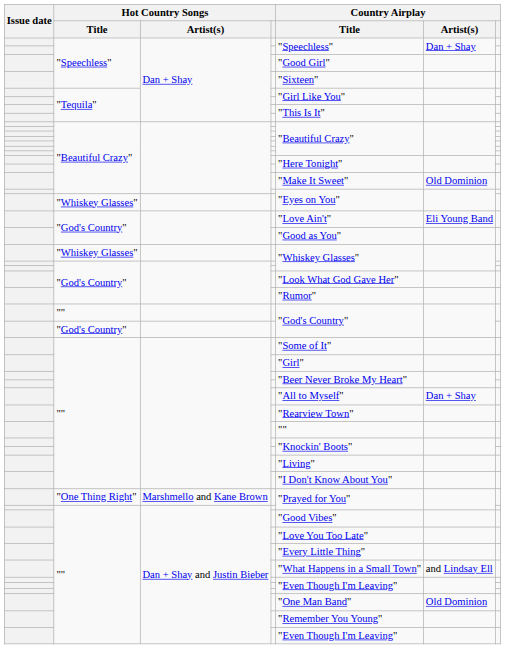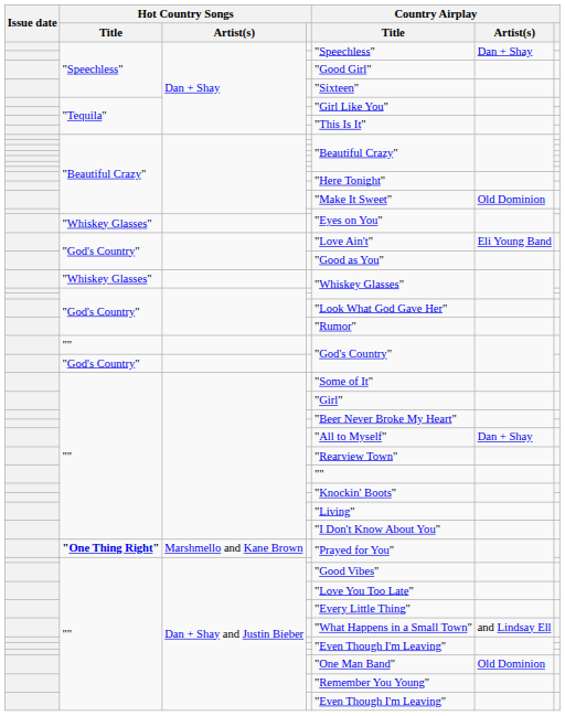 <table class="wikitable sortable plainrowheaders">
 <tr>
 <th scope=col rowspan=2>Issue date</th>
 <th scope=col colspan=3>Hot Country Songs</th>
 <th scope=col colspan=3>Country Airplay</th>
 </tr>
 <tr>
 <th scope=col>Title</th>
 <th scope=col>Artist(s)</th>
 <th scope=col class=unsortable></th>
 <th scope=col>Title</th>
 <th scope=col>Artist(s)</th>
 <th scope=col class=unsortable></th>
 </tr>
 <tr>
 <th scope=row></th>
 <td rowspan="4">"<a href='#'>Speechless</a>"</td>
 <td rowspan="8"><a href='#'>Dan + Shay</a></td>
 <td align=center></td>
 <td rowspan="2">"<a href='#'>Speechless</a>"</td>
 <td rowspan="2"><a href='#'>Dan + Shay</a></td>
 <td align=center></td>
 </tr>
 <tr>
 <th scope=row></th>
 <td align=center></td>
 <td align=center></td>
 </tr>
 <tr>
 <th scope=row></th>
 <td align=center></td>
 <td>"<a href='#'>Good Girl</a>"</td>
 <td></td>
 <td align=center></td>
 </tr>
 <tr>
 <th scope=row></th>
 <td align=center></td>
 <td>"<a href='#'>Sixteen</a>"</td>
 <td></td>
 <td align=center></td>
 </tr>
 <tr>
 <th scope=row></th>
 <td rowspan="4">"<a href='#'>Tequila</a>"</td>
 <td align=center></td>
 <td rowspan="2">"<a href='#'>Girl Like You</a>"</td>
 <td rowspan="2"></td>
 <td align=center></td>
 </tr>
 <tr>
 <th scope=row></th>
 <td align=center></td>
 <td align=center></td>
 </tr>
 <tr>
 <th scope=row></th>
 <td align=center></td>
 <td rowspan="2">"<a href='#'>This Is It</a>"</td>
 <td rowspan="2"></td>
 <td align=center></td>
 </tr>
 <tr>
 <th scope=row></th>
 <td align=center></td>
 <td align=center></td>
 </tr>
 <tr>
 <th scope=row></th>
 <td rowspan="11">"<a href='#'>Beautiful Crazy</a>"</td>
 <td rowspan="11"></td>
 <td align=center></td>
 <td rowspan="7">"<a href='#'>Beautiful Crazy</a>"</td>
 <td rowspan="7"></td>
 <td align=center></td>
 </tr>
 <tr>
 <th scope=row></th>
 <td align=center></td>
 <td align=center></td>
 </tr>
 <tr>
 <th scope=row></th>
 <td align=center></td>
 <td align=center></td>
 </tr>
 <tr>
 <th scope=row></th>
 <td align=center></td>
 <td align=center></td>
 </tr>
 <tr>
 <th scope=row></th>
 <td align=center></td>
 <td align=center></td>
 </tr>
 <tr>
 <th scope=row></th>
 <td align=center></td>
 <td align=center></td>
 </tr>
 <tr>
 <th scope=row></th>
 <td align=center></td>
 <td align=center></td>
 </tr>
 <tr>
 <th scope=row></th>
 <td align=center></td>
 <td rowspan="2">"<a href='#'>Here Tonight</a>"</td>
 <td rowspan="2"></td>
 <td align=center></td>
 </tr>
 <tr>
 <th scope=row></th>
 <td align=center></td>
 <td align=center></td>
 </tr>
 <tr>
 <th scope=row></th>
 <td align=center></td>
 <td>"<a href='#'>Make It Sweet</a>"</td>
 <td><a href='#'>Old Dominion</a></td>
 <td align=center></td>
 </tr>
 <tr>
 <th scope=row></th>
 <td align=center></td>
 <td rowspan="2">"<a href='#'>Eyes on You</a>"</td>
 <td rowspan="2"></td>
 <td align=center></td>
 </tr>
 <tr>
 <th scope=row></th>
 <td>"<a href='#'>Whiskey Glasses</a>"</td>
 <td></td>
 <td align=center></td>
 <td align=center></td>
 </tr>
 <tr>
 <th scope=row></th>
 <td rowspan="2">"<a href='#'>God's Country</a>"</td>
 <td rowspan="2"></td>
 <td align=center></td>
 <td>"<a href='#'>Love Ain't</a>"</td>
 <td><a href='#'>Eli Young Band</a></td>
 <td align=center></td>
 </tr>
 <tr>
 <th scope=row></th>
 <td align=center></td>
 <td>"<a href='#'>Good as You</a>"</td>
 <td></td>
 <td align=center></td>
 </tr>
 <tr>
 <th scope=row></th>
 <td>"<a href='#'>Whiskey Glasses</a>"</td>
 <td></td>
 <td align=center></td>
 <td rowspan="3">"<a href='#'>Whiskey Glasses</a>"</td>
 <td rowspan="3"></td>
 <td align=center></td>
 </tr>
 <tr>
 <th scope=row></th>
 <td rowspan="4">"<a href='#'>God's Country</a>"</td>
 <td rowspan="4"></td>
 <td align=center></td>
 <td align=center></td>
 </tr>
 <tr>
 <th scope=row></th>
 <td align=center></td>
 <td align=center></td>
 </tr>
 <tr>
 <th scope=row></th>
 <td align=center></td>
 <td>"<a href='#'>Look What God Gave Her</a>"</td>
 <td></td>
 <td align=center></td>
 </tr>
 <tr>
 <th scope=row></th>
 <td align=center></td>
 <td>"<a href='#'>Rumor</a>"</td>
 <td></td>
 <td align=center></td>
 </tr>
 <tr>
 <th scope=row></th>
 <td>""</td>
 <td></td>
 <td align=center></td>
 <td rowspan="2">"<a href='#'>God's Country</a>"</td>
 <td rowspan="2"></td>
 <td align=center></td>
 </tr>
 <tr>
 <th scope=row></th>
 <td>"<a href='#'>God's Country</a>"</td>
 <td></td>
 <td align=center></td>
 <td align=center></td>
 </tr>
 <tr>
 <th scope=row></th>
 <td rowspan="11">""</td>
 <td rowspan="11"></td>
 <td align=center></td>
 <td>"<a href='#'>Some of It</a>"</td>
 <td></td>
 <td align=center></td>
 </tr>
 <tr>
 <th scope=row></th>
 <td align=center></td>
 <td>"<a href='#'>Girl</a>"</td>
 <td></td>
 <td align=center></td>
 </tr>
 <tr>
 <th scope=row></th>
 <td align=center></td>
 <td rowspan="2">"<a href='#'>Beer Never Broke My Heart</a>"</td>
 <td rowspan="2"></td>
 <td align=center></td>
 </tr>
 <tr>
 <th scope=row></th>
 <td align=center></td>
 <td align=center></td>
 </tr>
 <tr>
 <th scope=row></th>
 <td align=center></td>
 <td>"<a href='#'>All to Myself</a>"</td>
 <td><a href='#'>Dan + Shay</a></td>
 <td align=center></td>
 </tr>
 <tr>
 <th scope=row></th>
 <td align=center></td>
 <td>"<a href='#'>Rearview Town</a>"</td>
 <td></td>
 <td align=center></td>
 </tr>
 <tr>
 <th scope=row></th>
 <td align=center></td>
 <td>""</td>
 <td></td>
 <td align=center></td>
 </tr>
 <tr>
 <th scope=row></th>
 <td align=center></td>
 <td rowspan="2">"<a href='#'>Knockin' Boots</a>"</td>
 <td rowspan="2"></td>
 <td align=center></td>
 </tr>
 <tr>
 <th scope=row></th>
 <td align=center></td>
 <td align=center></td>
 </tr>
 <tr>
 <th scope=row></th>
 <td align=center></td>
 <td>"<a href='#'>Living</a>"</td>
 <td></td>
 <td align=center></td>
 </tr>
 <tr>
 <th scope=row></th>
 <td align=center></td>
 <td>"<a href='#'>I Don't Know About You</a>"</td>
 <td></td>
 <td align=center></td>
 </tr>
 <tr>
 <th scope=row></th>
-<td>"<a href='#'>One Thing Right</a>"</td>
+<td><strong>"<a href='#'>One Thing Right</a>"</strong></td>
 <td><a href='#'>Marshmello</a> and <a href='#'>Kane Brown</a></td>
 <td align=center></td>
 <td rowspan="2">"<a href='#'>Prayed for You</a>"</td>
 <td rowspan="2"></td>
 <td align=center></td>
 </tr>
 <tr>
 <th scope=row></th>
 <td rowspan="11">""</td>
 <td rowspan="11"><a href='#'>Dan + Shay</a> and <a href='#'>Justin Bieber</a></td>
 <td align=center></td>
 <td align=center></td>
 </tr>
 <tr>
 <th scope=row></th>
 <td align=center></td>
 <td>"<a href='#'>Good Vibes</a>"</td>
 <td></td>
 <td align=center></td>
 </tr>
 <tr>
 <th scope=row></th>
 <td align=center></td>
 <td>"<a href='#'>Love You Too Late</a>"</td>
 <td></td>
 <td align=center></td>
 </tr>
 <tr>
 <th scope=row></th>
 <td align=center></td>
 <td>"<a href='#'>Every Little Thing</a>"</td>
 <td></td>
 <td align=center></td>
 </tr>
 <tr>
 <th scope=row></th>
 <td align=center></td>
 <td>"<a href='#'>What Happens in a Small Town</a>"</td>
 <td> and <a href='#'>Lindsay Ell</a></td>
 <td align=center></td>
 </tr>
 <tr>
 <th scope=row></th>
 <td align=center></td>
 <td rowspan="3">"<a href='#'>Even Though I'm Leaving</a>"</td>
 <td rowspan="3"></td>
 <td align=center></td>
 </tr>
 <tr>
 <th scope=row></th>
 <td align=center></td>
 <td align=center></td>
 </tr>
 <tr>
 <th scope=row></th>
 <td align=center></td>
 <td align=center></td>
 </tr>
 <tr>
 <th scope=row></th>
 <td align=center></td>
 <td>"<a href='#'>One Man Band</a>"</td>
 <td><a href='#'>Old Dominion</a></td>
 <td align=center></td>
 </tr>
 <tr>
 <th scope=row></th>
 <td align=center></td>
 <td>"<a href='#'>Remember You Young</a>"</td>
 <td></td>
 <td align=center></td>
 </tr>
 <tr>
 <th scope=row></th>
 <td align=center></td>
 <td>"<a href='#'>Even Though I'm Leaving</a>"</td>
 <td></td>
 <td align=center></td>
 </tr>
 </table>
